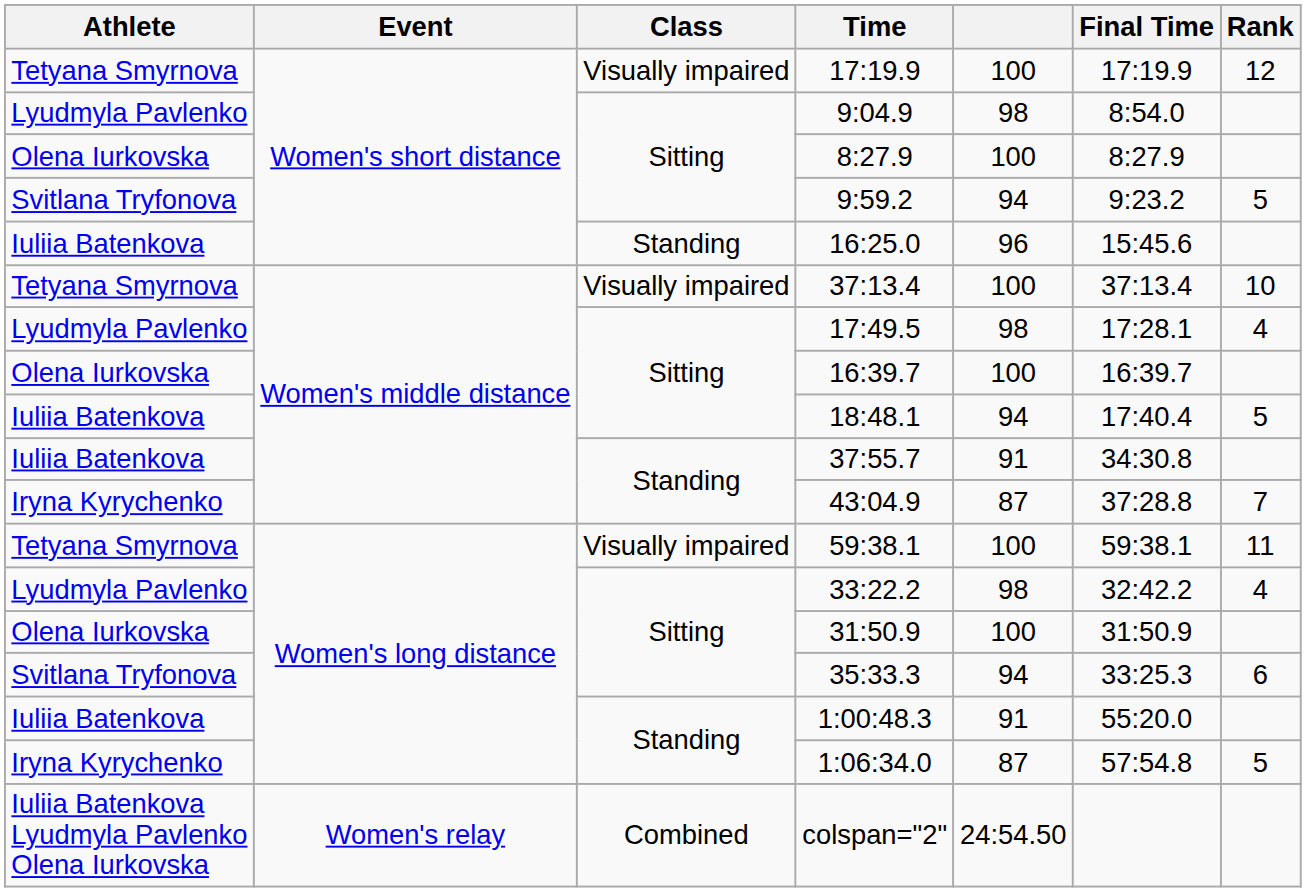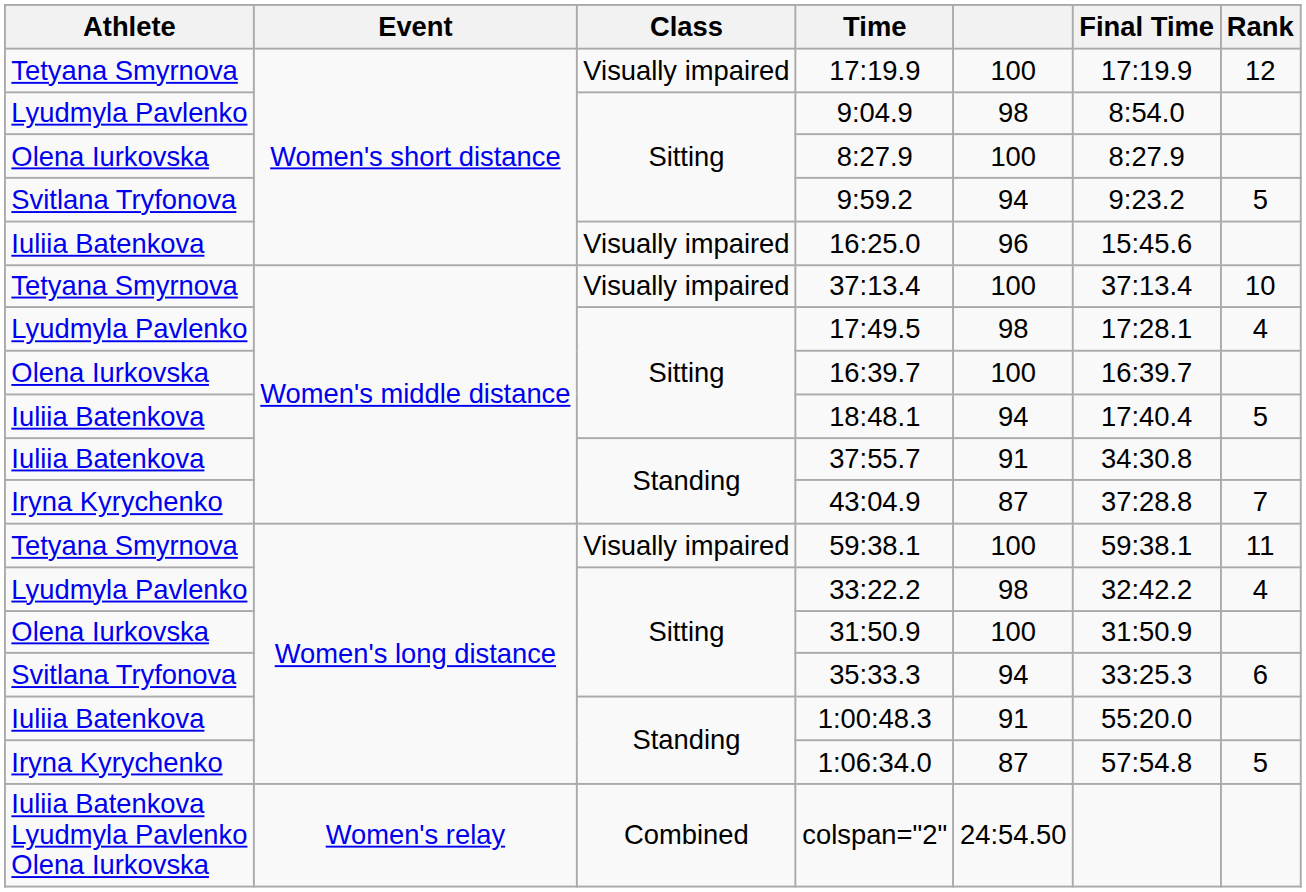 <table class="wikitable" border="1" style="font-size:90%">
 <tr>
 <th>Athlete</th>
 <th>Event</th>
 <th>Class</th>
 <th>Time</th>
 <th></th>
 <th>Final Time</th>
 <th>Rank</th>
 </tr>
 <tr align=center>
 <td align="left"><a href='#'>Tetyana Smyrnova</a></td>
 <td rowspan="5"><a href='#'>Women's short distance</a></td>
 <td>Visually impaired</td>
 <td>17:19.9</td>
 <td>100</td>
 <td>17:19.9</td>
 <td>12</td>
 </tr>
 <tr align=center>
 <td align=left><a href='#'>Lyudmyla Pavlenko</a></td>
 <td rowspan="3">Sitting</td>
 <td>9:04.9</td>
 <td>98</td>
 <td>8:54.0</td>
 <td></td>
 </tr>
 <tr align=center>
 <td align="left"><a href='#'>Olena Iurkovska</a></td>
 <td>8:27.9</td>
 <td>100</td>
 <td>8:27.9</td>
 <td></td>
 </tr>
 <tr align=center>
 <td align="left"><a href='#'>Svitlana Tryfonova</a></td>
 <td>9:59.2</td>
 <td>94</td>
 <td>9:23.2</td>
 <td>5</td>
 </tr>
 <tr align=center>
 <td align=left><a href='#'>Iuliia Batenkova</a></td>
-<td>Standing</td>
+<td>Visually impaired</td>
 <td>16:25.0</td>
 <td>96</td>
 <td>15:45.6</td>
 <td></td>
 </tr>
 <tr align=center>
 <td align="left"><a href='#'>Tetyana Smyrnova</a></td>
 <td rowspan="6"><a href='#'>Women's middle distance</a></td>
 <td>Visually impaired</td>
 <td>37:13.4</td>
 <td>100</td>
 <td>37:13.4</td>
 <td>10</td>
 </tr>
 <tr align=center>
 <td align=left><a href='#'>Lyudmyla Pavlenko</a></td>
 <td rowspan="3">Sitting</td>
 <td>17:49.5</td>
 <td>98</td>
 <td>17:28.1</td>
 <td>4</td>
 </tr>
 <tr align=center>
 <td align="left"><a href='#'>Olena Iurkovska</a></td>
 <td>16:39.7</td>
 <td>100</td>
 <td>16:39.7</td>
 <td></td>
 </tr>
 <tr align=center>
 <td align=left><a href='#'>Iuliia Batenkova</a></td>
 <td>18:48.1</td>
 <td>94</td>
 <td>17:40.4</td>
 <td>5</td>
 </tr>
 <tr align=center>
 <td align=left><a href='#'>Iuliia Batenkova</a></td>
 <td rowspan="2">Standing</td>
 <td>37:55.7</td>
 <td>91</td>
 <td>34:30.8</td>
 <td></td>
 </tr>
 <tr align=center>
 <td align=left><a href='#'>Iryna Kyrychenko</a></td>
 <td>43:04.9</td>
 <td>87</td>
 <td>37:28.8</td>
 <td>7</td>
 </tr>
 <tr align=center>
 <td align="left"><a href='#'>Tetyana Smyrnova</a></td>
 <td rowspan="6"><a href='#'>Women's long distance</a></td>
 <td>Visually impaired</td>
 <td>59:38.1</td>
 <td>100</td>
 <td>59:38.1</td>
 <td>11</td>
 </tr>
 <tr align=center>
 <td align=left><a href='#'>Lyudmyla Pavlenko</a></td>
 <td rowspan="3">Sitting</td>
 <td>33:22.2</td>
 <td>98</td>
 <td>32:42.2</td>
 <td>4</td>
 </tr>
 <tr align=center>
 <td align="left"><a href='#'>Olena Iurkovska</a></td>
 <td>31:50.9</td>
 <td>100</td>
 <td>31:50.9</td>
 <td></td>
 </tr>
 <tr align=center>
 <td align="left"><a href='#'>Svitlana Tryfonova</a></td>
 <td>35:33.3</td>
 <td>94</td>
 <td>33:25.3</td>
 <td>6</td>
 </tr>
 <tr align=center>
 <td align=left><a href='#'>Iuliia Batenkova</a></td>
 <td rowspan="2">Standing</td>
 <td>1:00:48.3</td>
 <td>91</td>
 <td>55:20.0</td>
 <td></td>
 </tr>
 <tr align=center>
 <td align=left><a href='#'>Iryna Kyrychenko</a></td>
 <td>1:06:34.0</td>
 <td>87</td>
 <td>57:54.8</td>
 <td>5</td>
 </tr>
 <tr align=center>
 <td align="left"><a href='#'>Iuliia Batenkova</a><br><a href='#'>Lyudmyla Pavlenko</a><br><a href='#'>Olena Iurkovska</a></td>
 <td><a href='#'>Women's relay</a></td>
 <td>Combined</td>
 <td>colspan="2" </td>
 <td>24:54.50</td>
 <td></td>
 </tr>
 </table>
